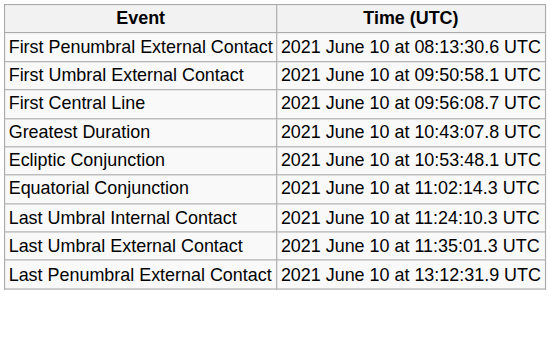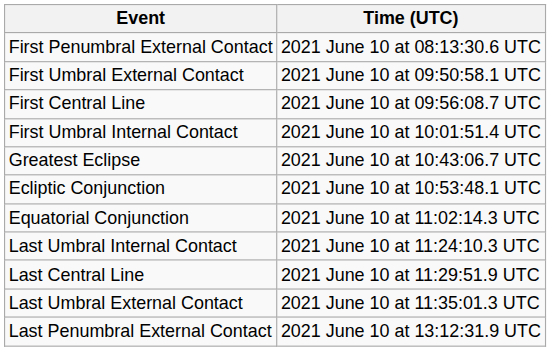 <table class="wikitable">
 <tr>
 <th>Event</th>
 <th>Time (UTC)</th>
 </tr>
 <tr>
 <td>First Penumbral External Contact</td>
 <td>2021 June 10 at 08:13:30.6 UTC</td>
 </tr>
 <tr>
 <td>First Umbral External Contact</td>
 <td>2021 June 10 at 09:50:58.1 UTC</td>
 </tr>
 <tr>
 <td>First Central Line</td>
 <td>2021 June 10 at 09:56:08.7 UTC</td>
 </tr>
 <tr>
-<td>Greatest Duration</td>
-<td>2021 June 10 at 10:43:07.8 UTC</td>
+<td>First Umbral Internal Contact</td>
+<td>2021 June 10 at 10:01:51.4 UTC</td>
+</tr>
+<tr>
+<td>Greatest Eclipse</td>
+<td>2021 June 10 at 10:43:06.7 UTC</td>
 </tr>
 <tr>
 <td>Ecliptic Conjunction</td>
 <td>2021 June 10 at 10:53:48.1 UTC</td>
 </tr>
 <tr>
 <td>Equatorial Conjunction</td>
 <td>2021 June 10 at 11:02:14.3 UTC</td>
 </tr>
 <tr>
 <td>Last Umbral Internal Contact</td>
 <td>2021 June 10 at 11:24:10.3 UTC</td>
 </tr>
 <tr>
+<td>Last Central Line</td>
+<td>2021 June 10 at 11:29:51.9 UTC</td>
+</tr>
+<tr>
 <td>Last Umbral External Contact</td>
 <td>2021 June 10 at 11:35:01.3 UTC</td>
 </tr>
 <tr>
 <td>Last Penumbral External Contact</td>
 <td>2021 June 10 at 13:12:31.9 UTC</td>
 </tr>
 </table>
